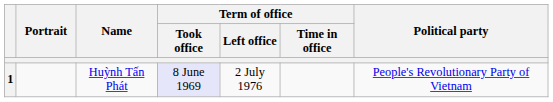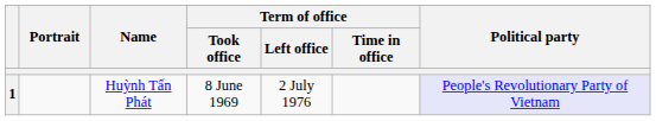 <table class="wikitable" style="text-align:center; border:1px #aaf solid; width:80%;">
 <tr>
 <th rowspan="2"></th>
 <th rowspan="2" style="width:70px;">Portrait</th>
 <th rowspan="2">Name<br></th>
 <th colspan="3">Term of office</th>
 <th rowspan="2">Political party</th>
 </tr>
 <tr>
 <th>Took office</th>
 <th>Left office</th>
 <th>Time in office</th>
 </tr>
 <tr>
 <th colspan=7></th>
 </tr>
 <tr>
 <th style="background:">1</th>
 <td></td>
 <td><a href='#'>Huỳnh Tấn Phát</a><br></td>
-<td style="background: lavender;">8 June 1969</td>
+<td>8 June 1969</td>
 <td>2 July 1976</td>
 <td></td>
-<td><a href='#'>People's Revolutionary Party of Vietnam</a><br> </td>
+<td style="background: lavender;"><a href='#'>People's Revolutionary Party of Vietnam</a><br> </td>
 </tr>
 </table>
